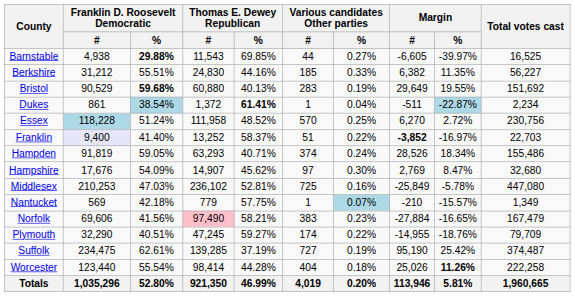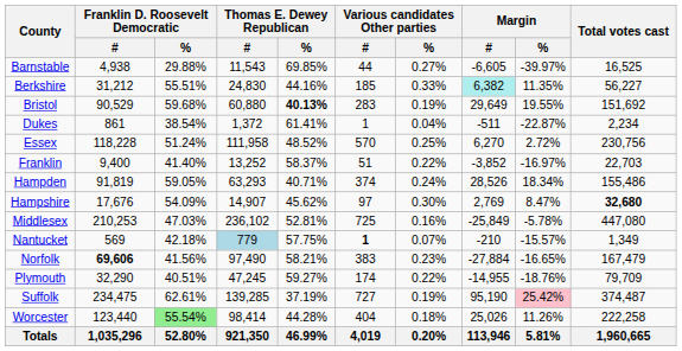 <table width="70%" class="wikitable sortable">
 <tr>
 <th rowspan="2">County</th>
 <th colspan="2">Franklin D. Roosevelt<br>Democratic</th>
 <th colspan="2">Thomas E. Dewey<br>Republican</th>
 <th colspan="2">Various candidates<br>Other parties</th>
 <th colspan="2">Margin</th>
 <th rowspan="2">Total votes cast</th>
 </tr>
 <tr bgcolor="lightgrey">
 <th data-sort-type="number">#</th>
 <th data-sort-type="number">%</th>
 <th data-sort-type="number">#</th>
 <th data-sort-type="number">%</th>
 <th data-sort-type="number">#</th>
 <th data-sort-type="number">%</th>
 <th data-sort-type="number">#</th>
 <th data-sort-type="number">%</th>
 </tr>
 <tr style="text-align:center;">
 <td><a href='#'>Barnstable</a></td>
 <td>4,938</td>
-<td><strong>29.88%</strong></td>
+<td>29.88%</td>
 <td>11,543</td>
 <td>69.85%</td>
 <td>44</td>
 <td>0.27%</td>
 <td>-6,605</td>
 <td>-39.97%</td>
 <td>16,525</td>
 </tr>
 <tr style="text-align:center;">
 <td><a href='#'>Berkshire</a></td>
 <td>31,212</td>
 <td>55.51%</td>
 <td>24,830</td>
 <td>44.16%</td>
 <td>185</td>
 <td>0.33%</td>
-<td>6,382</td>
+<td style="background: paleturquoise;">6,382</td>
 <td>11.35%</td>
 <td>56,227</td>
 </tr>
 <tr style="text-align:center;">
 <td><a href='#'>Bristol</a></td>
 <td>90,529</td>
-<td><strong>59.68%</strong></td>
+<td>59.68%</td>
 <td>60,880</td>
-<td>40.13%</td>
+<td><strong>40.13%</strong></td>
 <td>283</td>
 <td>0.19%</td>
 <td>29,649</td>
 <td>19.55%</td>
 <td>151,692</td>
 </tr>
 <tr style="text-align:center;">
 <td><a href='#'>Dukes</a></td>
 <td>861</td>
-<td style="background: lightblue;">38.54%</td>
+<td>38.54%</td>
 <td>1,372</td>
-<td><strong>61.41%</strong></td>
+<td>61.41%</td>
 <td>1</td>
 <td>0.04%</td>
 <td>-511</td>
-<td style="background: lightblue;">-22.87%</td>
+<td>-22.87%</td>
 <td>2,234</td>
 </tr>
 <tr style="text-align:center;">
 <td><a href='#'>Essex</a></td>
-<td style="background: lightblue;">118,228</td>
+<td>118,228</td>
 <td>51.24%</td>
 <td>111,958</td>
 <td>48.52%</td>
 <td>570</td>
 <td>0.25%</td>
 <td>6,270</td>
 <td>2.72%</td>
 <td>230,756</td>
 </tr>
 <tr style="text-align:center;">
 <td><a href='#'>Franklin</a></td>
-<td style="background: lavender;">9,400</td>
+<td>9,400</td>
 <td>41.40%</td>
 <td>13,252</td>
 <td>58.37%</td>
 <td>51</td>
 <td>0.22%</td>
-<td><strong>-3,852</strong></td>
+<td>-3,852</td>
 <td>-16.97%</td>
 <td>22,703</td>
 </tr>
 <tr style="text-align:center;">
 <td><a href='#'>Hampden</a></td>
 <td>91,819</td>
 <td>59.05%</td>
 <td>63,293</td>
 <td>40.71%</td>
 <td>374</td>
 <td>0.24%</td>
 <td>28,526</td>
 <td>18.34%</td>
 <td>155,486</td>
 </tr>
 <tr style="text-align:center;">
 <td><a href='#'>Hampshire</a></td>
 <td>17,676</td>
 <td>54.09%</td>
 <td>14,907</td>
 <td>45.62%</td>
 <td>97</td>
 <td>0.30%</td>
 <td>2,769</td>
 <td>8.47%</td>
-<td>32,680</td>
+<td><strong>32,680</strong></td>
 </tr>
 <tr style="text-align:center;">
 <td><a href='#'>Middlesex</a></td>
 <td>210,253</td>
 <td>47.03%</td>
 <td>236,102</td>
 <td>52.81%</td>
 <td>725</td>
 <td>0.16%</td>
 <td>-25,849</td>
 <td>-5.78%</td>
 <td>447,080</td>
 </tr>
 <tr style="text-align:center;">
 <td><a href='#'>Nantucket</a></td>
 <td>569</td>
 <td>42.18%</td>
-<td>779</td>
+<td style="background: lightblue;">779</td>
 <td>57.75%</td>
-<td>1</td>
-<td style="background: lightblue;">0.07%</td>
+<td><strong>1</strong></td>
+<td>0.07%</td>
 <td>-210</td>
 <td>-15.57%</td>
 <td>1,349</td>
 </tr>
 <tr style="text-align:center;">
 <td><a href='#'>Norfolk</a></td>
-<td>69,606</td>
+<td><strong>69,606</strong></td>
 <td>41.56%</td>
-<td style="background: pink;">97,490</td>
+<td>97,490</td>
 <td>58.21%</td>
 <td>383</td>
 <td>0.23%</td>
 <td>-27,884</td>
 <td>-16.65%</td>
 <td>167,479</td>
 </tr>
 <tr style="text-align:center;">
 <td><a href='#'>Plymouth</a></td>
 <td>32,290</td>
 <td>40.51%</td>
 <td>47,245</td>
 <td>59.27%</td>
 <td>174</td>
 <td>0.22%</td>
 <td>-14,955</td>
 <td>-18.76%</td>
 <td>79,709</td>
 </tr>
 <tr style="text-align:center;">
 <td><a href='#'>Suffolk</a></td>
 <td>234,475</td>
 <td>62.61%</td>
 <td>139,285</td>
 <td>37.19%</td>
 <td>727</td>
 <td>0.19%</td>
 <td>95,190</td>
-<td>25.42%</td>
+<td style="background: pink;">25.42%</td>
 <td>374,487</td>
 </tr>
 <tr style="text-align:center;">
 <td><a href='#'>Worcester</a></td>
 <td>123,440</td>
-<td>55.54%</td>
+<td style="background: lightgreen;">55.54%</td>
 <td>98,414</td>
 <td>44.28%</td>
 <td>404</td>
 <td>0.18%</td>
 <td>25,026</td>
-<td><strong>11.26%</strong></td>
+<td>11.26%</td>
 <td>222,258</td>
 </tr>
 <tr>
 <th>Totals</th>
 <th>1,035,296</th>
 <th>52.80%</th>
 <th>921,350</th>
 <th>46.99%</th>
 <th>4,019</th>
 <th>0.20%</th>
 <th>113,946</th>
 <th>5.81%</th>
 <th>1,960,665</th>
 </tr>
 </table>
